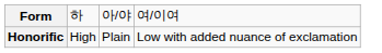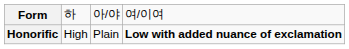 <table class="wikitable">
 <tr>
 <th>Form</th>
 <td>하</td>
 <td>아/야</td>
 <td>여/이여</td>
 </tr>
 <tr>
 <th>Honorific</th>
 <td>High</td>
 <td>Plain</td>
-<td>Low with added nuance of exclamation</td>
+<td><strong>Low with added nuance of exclamation</strong></td>
 </tr>
 </table>
